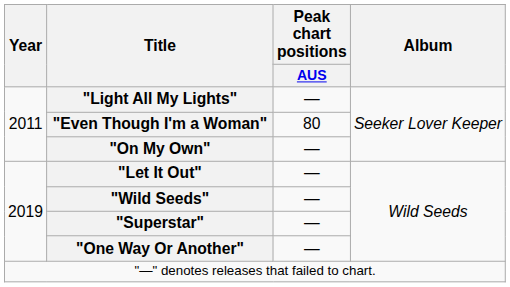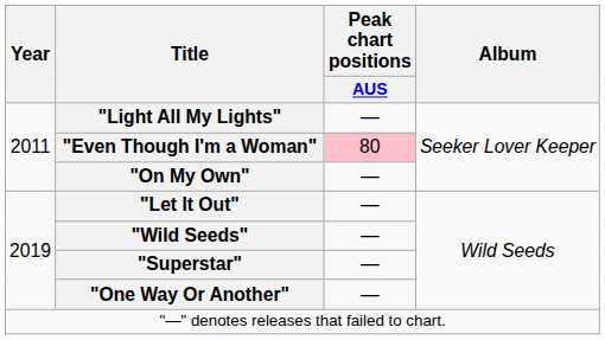 <table class="wikitable plainrowheaders" style="text-align:center;">
 <tr>
 <th scope="col" rowspan="2">Year</th>
 <th scope="col" rowspan="2" style="width:14em;">Title</th>
 <th scope="col" colspan="1">Peak chart<br>positions</th>
 <th scope="col" rowspan="2">Album</th>
 </tr>
 <tr>
 <th style="width:3em; font-size:90%"><a href='#'>AUS</a><br></th>
 </tr>
 <tr>
 <td rowspan="3">2011</td>
 <th scope="row">"Light All My Lights"</th>
 <td>—</td>
 <td rowspan="3"><em>Seeker Lover Keeper</em></td>
 </tr>
 <tr>
 <th scope="row">"Even Though I'm a Woman"</th>
-<td>80</td>
+<td style="background: pink;">80</td>
 </tr>
 <tr>
 <th scope="row">"On My Own"</th>
 <td>—</td>
 </tr>
 <tr>
 <td rowspan="4">2019</td>
 <th scope="row">"Let It Out"</th>
 <td>—</td>
 <td rowspan="4"><em>Wild Seeds</em></td>
 </tr>
 <tr>
 <th scope="row">"Wild Seeds"</th>
 <td>—</td>
 </tr>
 <tr>
 <th scope="row">"Superstar"</th>
 <td>—</td>
 </tr>
 <tr>
 <th scope="row">"One Way Or Another"</th>
 <td>—</td>
 </tr>
 <tr>
 <td colspan="4" style="font-size:85%">"—" denotes releases that failed to chart.</td>
 </tr>
 </table>
